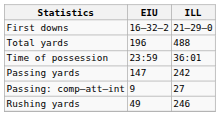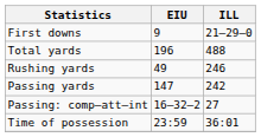 <table class="wikitable" style="float: left;">
 <tr>
 <th>Statistics</th>
 <th>EIU</th>
 <th>ILL</th>
 </tr>
 <tr>
 <td>First downs</td>
-<td>16–32–2</td>
+<td>9</td>
 <td>21–29–0</td>
 </tr>
 <tr>
 <td>Total yards</td>
 <td>196</td>
 <td>488</td>
 </tr>
 <tr>
-<td>Time of possession</td>
-<td>23:59</td>
-<td>36:01</td>
+<td>Rushing yards</td>
+<td>49</td>
+<td>246</td>
 </tr>
 <tr>
 <td>Passing yards</td>
 <td>147</td>
 <td>242</td>
 </tr>
 <tr>
 <td>Passing: comp–att–int</td>
-<td>9</td>
+<td>16–32–2</td>
 <td>27</td>
 </tr>
 <tr>
-<td>Rushing yards</td>
-<td>49</td>
-<td>246</td>
+<td>Time of possession</td>
+<td>23:59</td>
+<td>36:01</td>
 </tr>
 <tr>
 </tr>
 </table>
